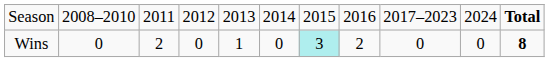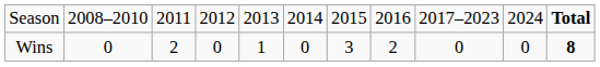 <table class="wikitable sortable">
 <tr>
 <td>Season</td>
 <td>2008–2010</td>
 <td>2011</td>
 <td>2012</td>
 <td>2013</td>
 <td>2014</td>
 <td>2015</td>
 <td>2016</td>
 <td>2017–2023</td>
 <td>2024</td>
 <td><strong>Total</strong></td>
 </tr>
 <tr align=center>
 <td>Wins</td>
 <td>0</td>
 <td>2</td>
 <td>0</td>
 <td>1</td>
 <td>0</td>
-<td style="background: paleturquoise;">3</td>
+<td>3</td>
 <td>2</td>
 <td>0</td>
 <td>0</td>
 <td><strong>8</strong></td>
 </tr>
 </table>
